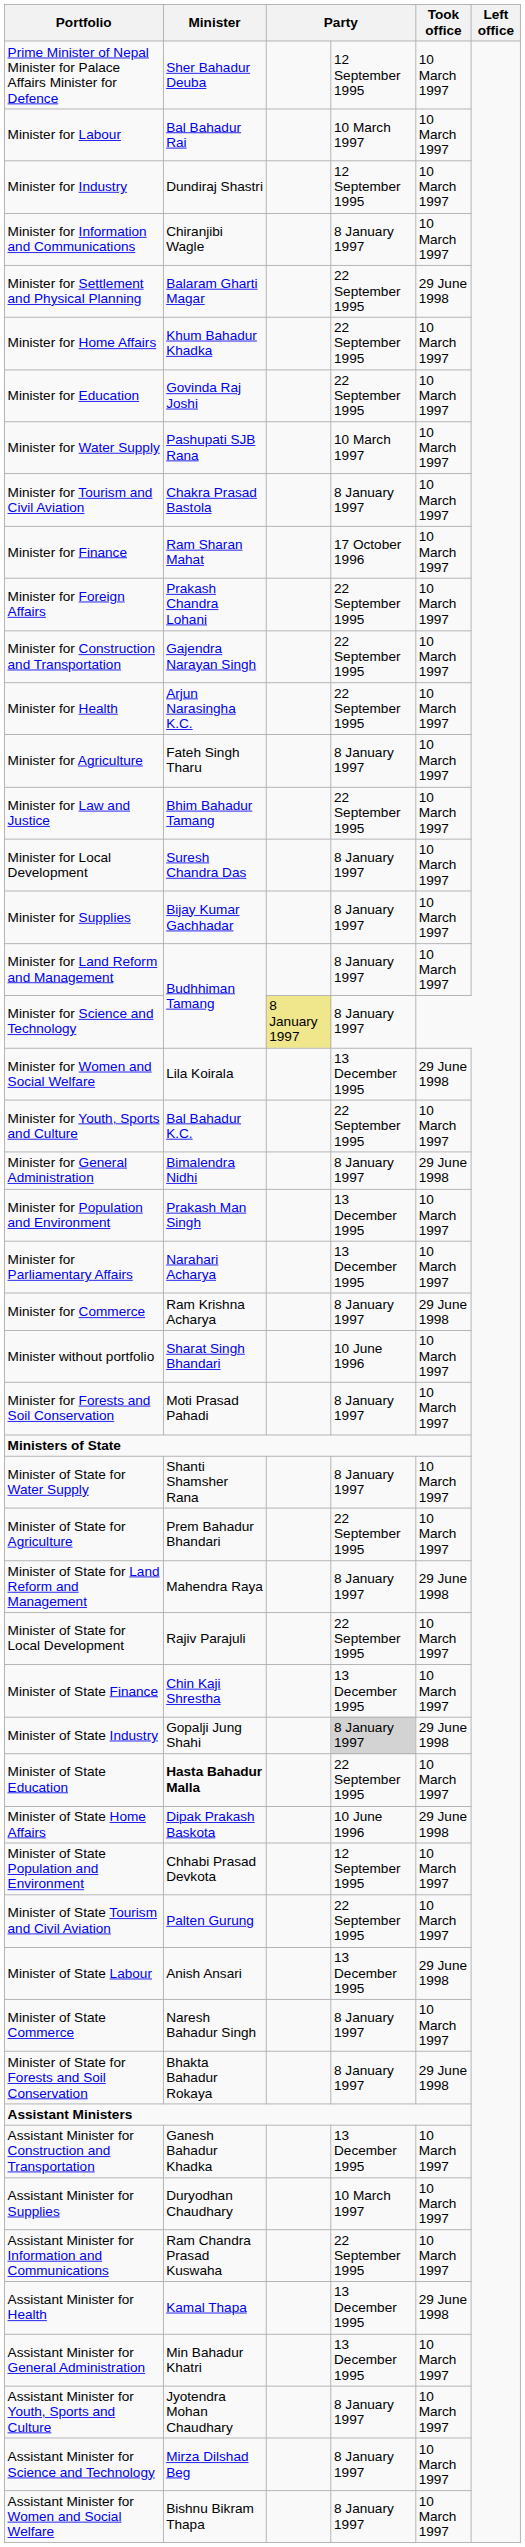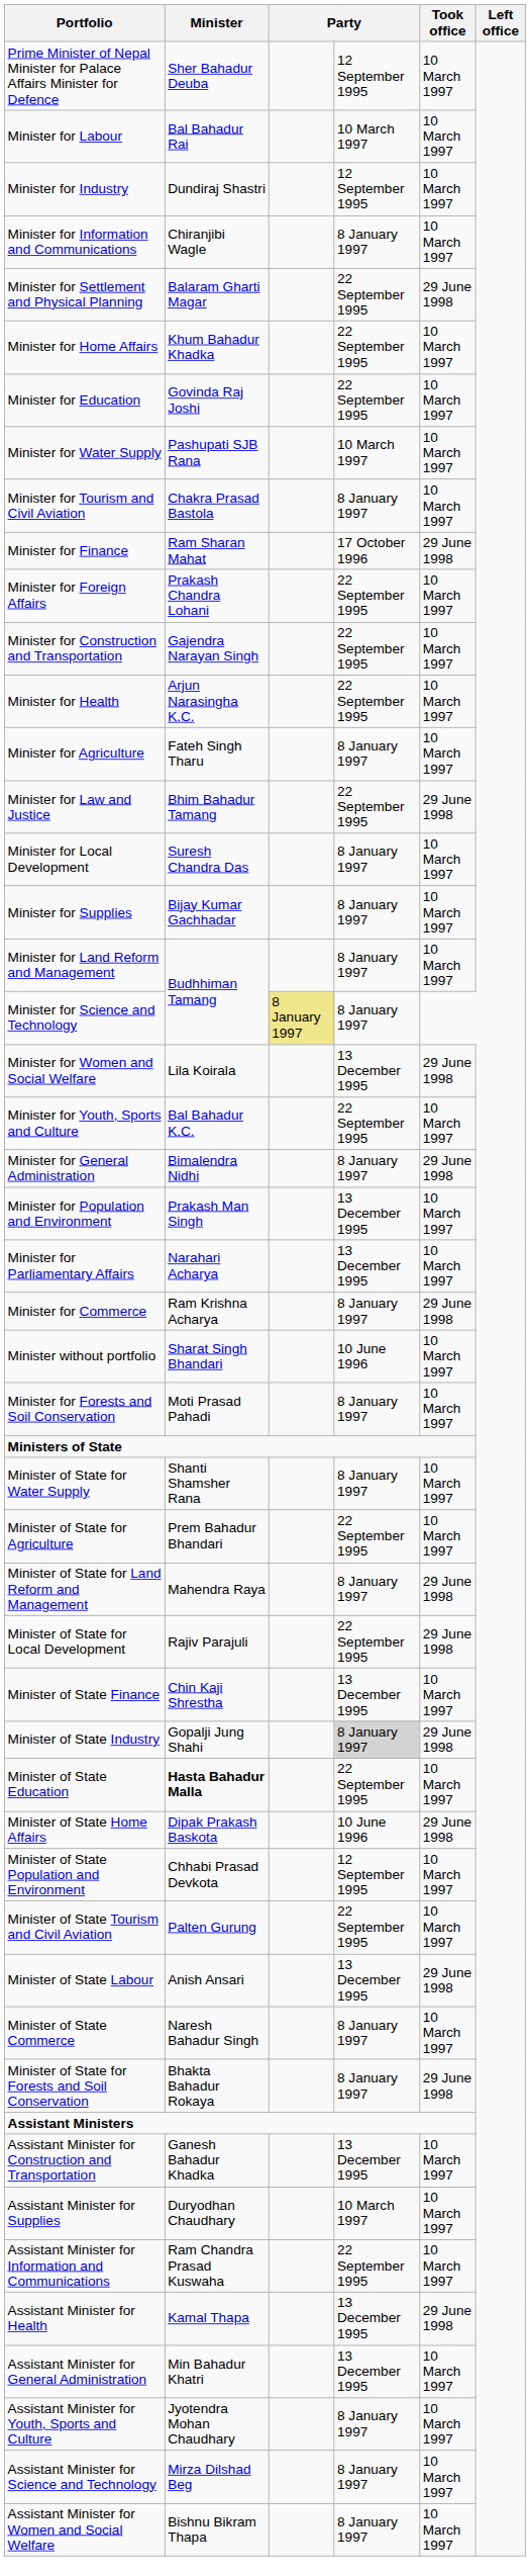 <table class="wikitable">
 <tr>
 <th>Portfolio</th>
 <th>Minister</th>
 <th colspan="2">Party</th>
 <th>Took office</th>
 <th>Left office</th>
 </tr>
 <tr>
 <td><a href='#'>Prime Minister of Nepal</a><br>Minister for Palace Affairs Minister for <a href='#'>Defence</a></td>
 <td><a href='#'>Sher Bahadur Deuba</a></td>
 <td></td>
 <td>12 September 1995</td>
 <td>10 March 1997</td>
 </tr>
 <tr>
 <td>Minister for <a href='#'>Labour</a></td>
 <td><a href='#'>Bal Bahadur Rai</a></td>
 <td></td>
 <td>10 March 1997</td>
 <td>10 March 1997</td>
 </tr>
 <tr>
 <td>Minister for <a href='#'>Industry</a></td>
 <td>Dundiraj Shastri</td>
 <td></td>
 <td>12 September 1995</td>
 <td>10 March 1997</td>
 </tr>
 <tr>
 <td>Minister for <a href='#'>Information and Communications</a></td>
 <td>Chiranjibi Wagle</td>
 <td></td>
 <td>8 January 1997</td>
 <td>10 March 1997</td>
 </tr>
 <tr>
 <td>Minister for <a href='#'>Settlement and Physical Planning</a></td>
 <td><a href='#'>Balaram Gharti Magar</a></td>
 <td></td>
 <td>22 September 1995</td>
 <td>29 June 1998</td>
 </tr>
 <tr>
 <td>Minister for <a href='#'>Home Affairs</a></td>
 <td><a href='#'>Khum Bahadur Khadka</a></td>
 <td></td>
 <td>22 September 1995</td>
 <td>10 March 1997</td>
 </tr>
 <tr>
 <td>Minister for <a href='#'>Education</a></td>
 <td><a href='#'>Govinda Raj Joshi</a></td>
 <td></td>
 <td>22 September 1995</td>
 <td>10 March 1997</td>
 </tr>
 <tr>
 <td>Minister for <a href='#'>Water Supply</a></td>
 <td><a href='#'>Pashupati SJB Rana</a></td>
 <td></td>
 <td>10 March 1997</td>
 <td>10 March 1997</td>
 </tr>
 <tr>
 <td>Minister for <a href='#'>Tourism and Civil Aviation</a></td>
 <td><a href='#'>Chakra Prasad Bastola</a></td>
 <td></td>
 <td>8 January 1997</td>
 <td>10 March 1997</td>
 </tr>
 <tr>
 <td>Minister for <a href='#'>Finance</a></td>
 <td><a href='#'>Ram Sharan Mahat</a></td>
 <td></td>
 <td>17 October 1996</td>
-<td>10 March 1997</td>
+<td>29 June 1998</td>
 </tr>
 <tr>
 <td>Minister for <a href='#'>Foreign Affairs</a></td>
 <td><a href='#'>Prakash Chandra Lohani</a></td>
 <td></td>
 <td>22 September 1995</td>
 <td>10 March 1997</td>
 </tr>
 <tr>
 <td>Minister for <a href='#'>Construction and Transportation</a></td>
 <td><a href='#'>Gajendra Narayan Singh</a></td>
 <td></td>
 <td>22 September 1995</td>
 <td>10 March 1997</td>
 </tr>
 <tr>
 <td>Minister for <a href='#'>Health</a></td>
 <td><a href='#'>Arjun Narasingha K.C.</a></td>
 <td></td>
 <td>22 September 1995</td>
 <td>10 March 1997</td>
 </tr>
 <tr>
 <td>Minister for <a href='#'>Agriculture</a></td>
 <td>Fateh Singh Tharu</td>
 <td></td>
 <td>8 January 1997</td>
 <td>10 March 1997</td>
 </tr>
 <tr>
 <td>Minister for <a href='#'>Law and Justice</a></td>
 <td><a href='#'>Bhim Bahadur Tamang</a></td>
 <td></td>
 <td>22 September 1995</td>
-<td>10 March 1997</td>
+<td>29 June 1998</td>
 </tr>
 <tr>
 <td>Minister for Local Development</td>
 <td><a href='#'>Suresh Chandra Das</a></td>
 <td></td>
 <td>8 January 1997</td>
 <td>10 March 1997</td>
 </tr>
 <tr>
 <td>Minister for <a href='#'>Supplies</a></td>
 <td><a href='#'>Bijay Kumar Gachhadar</a></td>
 <td></td>
 <td>8 January 1997</td>
 <td>10 March 1997</td>
 </tr>
 <tr>
 <td>Minister for <a href='#'>Land Reform and Management</a></td>
 <td rowspan="2"><a href='#'>Budhhiman Tamang</a></td>
 <td></td>
 <td>8 January 1997</td>
 <td>10 March 1997</td>
 </tr>
 <tr>
 <td>Minister for <a href='#'>Science and Technology</a></td>
 <td style="background: khaki;">8 January 1997</td>
 <td>8 January 1997</td>
 </tr>
 <tr>
 <td>Minister for <a href='#'>Women and Social Welfare</a></td>
 <td>Lila Koirala</td>
 <td></td>
 <td>13 December 1995</td>
 <td>29 June 1998</td>
 </tr>
 <tr>
 <td>Minister for <a href='#'>Youth, Sports and Culture</a></td>
 <td><a href='#'>Bal Bahadur K.C.</a></td>
 <td></td>
 <td>22 September 1995</td>
 <td>10 March 1997</td>
 </tr>
 <tr>
 <td>Minister for <a href='#'>General Administration</a></td>
 <td><a href='#'>Bimalendra Nidhi</a></td>
 <td></td>
 <td>8 January 1997</td>
 <td>29 June 1998</td>
 </tr>
 <tr>
 <td>Minister for <a href='#'>Population and Environment</a></td>
 <td><a href='#'>Prakash Man Singh</a></td>
 <td></td>
 <td>13 December 1995</td>
 <td>10 March 1997</td>
 </tr>
 <tr>
 <td>Minister for <a href='#'>Parliamentary Affairs</a></td>
 <td><a href='#'>Narahari Acharya</a></td>
 <td></td>
 <td>13 December 1995</td>
 <td>10 March 1997</td>
 </tr>
 <tr>
 <td>Minister for <a href='#'>Commerce</a></td>
 <td>Ram Krishna Acharya</td>
 <td></td>
 <td>8 January 1997</td>
 <td>29 June 1998</td>
 </tr>
 <tr>
 <td>Minister without portfolio</td>
 <td><a href='#'>Sharat Singh Bhandari</a></td>
 <td></td>
 <td>10 June 1996</td>
 <td>10 March 1997</td>
 </tr>
 <tr>
 <td>Minister for <a href='#'>Forests and Soil Conservation</a></td>
 <td>Moti Prasad Pahadi</td>
 <td></td>
 <td>8 January 1997</td>
 <td>10 March 1997</td>
 </tr>
 <tr>
 <td colspan="5"><strong>Ministers of State</strong></td>
 </tr>
 <tr>
 <td>Minister of State for <a href='#'>Water Supply</a></td>
 <td>Shanti Shamsher Rana</td>
 <td></td>
 <td>8 January 1997</td>
 <td>10 March 1997</td>
 </tr>
 <tr>
 <td>Minister of State for <a href='#'>Agriculture</a></td>
 <td>Prem Bahadur Bhandari</td>
 <td></td>
 <td>22 September 1995</td>
 <td>10 March 1997</td>
 </tr>
 <tr>
 <td>Minister of State for <a href='#'>Land Reform and Management</a></td>
 <td>Mahendra Raya</td>
 <td></td>
 <td>8 January 1997</td>
 <td>29 June 1998</td>
 </tr>
 <tr>
 <td>Minister of State for Local Development</td>
 <td>Rajiv Parajuli</td>
 <td></td>
 <td>22 September 1995</td>
-<td>10 March 1997</td>
+<td>29 June 1998</td>
 </tr>
 <tr>
 <td>Minister of State <a href='#'>Finance</a></td>
 <td><a href='#'>Chin Kaji Shrestha</a></td>
 <td></td>
 <td>13 December 1995</td>
 <td>10 March 1997</td>
 </tr>
 <tr>
 <td>Minister of State <a href='#'>Industry</a></td>
 <td>Gopalji Jung Shahi</td>
 <td></td>
 <td style="background: lightgrey;">8 January 1997</td>
 <td>29 June 1998</td>
 </tr>
 <tr>
 <td>Minister of State <a href='#'>Education</a></td>
 <td><strong>Hasta Bahadur Malla</strong></td>
 <td></td>
 <td>22 September 1995</td>
 <td>10 March 1997</td>
 </tr>
 <tr>
 <td>Minister of State <a href='#'>Home Affairs</a></td>
 <td><a href='#'>Dipak Prakash Baskota</a></td>
 <td></td>
 <td>10 June 1996</td>
 <td>29 June 1998</td>
 </tr>
 <tr>
 <td>Minister of State <a href='#'>Population and Environment</a></td>
 <td>Chhabi Prasad Devkota</td>
 <td></td>
 <td>12 September 1995</td>
 <td>10 March 1997</td>
 </tr>
 <tr>
 <td>Minister of State <a href='#'>Tourism and Civil Aviation</a></td>
 <td><a href='#'>Palten Gurung</a></td>
 <td></td>
 <td>22 September 1995</td>
 <td>10 March 1997</td>
 </tr>
 <tr>
 <td>Minister of State  <a href='#'>Labour</a></td>
 <td>Anish Ansari</td>
 <td></td>
 <td>13 December 1995</td>
 <td>29 June 1998</td>
 </tr>
 <tr>
 <td>Minister of State <a href='#'>Commerce</a></td>
 <td>Naresh Bahadur Singh</td>
 <td></td>
 <td>8 January 1997</td>
 <td>10 March 1997</td>
 </tr>
 <tr>
 <td>Minister of State  for <a href='#'>Forests and Soil Conservation</a></td>
 <td>Bhakta Bahadur Rokaya</td>
 <td></td>
 <td>8 January 1997</td>
 <td>29 June 1998</td>
 </tr>
 <tr>
 <td colspan="5"><strong>Assistant Ministers</strong></td>
 </tr>
 <tr>
 <td>Assistant Minister for <a href='#'>Construction and Transportation</a></td>
 <td>Ganesh Bahadur Khadka</td>
 <td></td>
 <td>13 December 1995</td>
 <td>10 March 1997</td>
 </tr>
 <tr>
 <td>Assistant Minister for <a href='#'>Supplies</a></td>
 <td>Duryodhan Chaudhary</td>
 <td></td>
 <td>10 March 1997</td>
 <td>10 March 1997</td>
 </tr>
 <tr>
 <td>Assistant Minister for <a href='#'>Information and Communications</a></td>
 <td>Ram Chandra Prasad Kuswaha</td>
 <td></td>
 <td>22 September 1995</td>
 <td>10 March 1997</td>
 </tr>
 <tr>
 <td>Assistant Minister for <a href='#'>Health</a></td>
 <td><a href='#'>Kamal Thapa</a></td>
 <td></td>
 <td>13 December 1995</td>
 <td>29 June 1998</td>
 </tr>
 <tr>
 <td>Assistant Minister for <a href='#'>General Administration</a></td>
 <td>Min Bahadur Khatri</td>
 <td></td>
 <td>13 December 1995</td>
 <td>10 March 1997</td>
 </tr>
 <tr>
 <td>Assistant Minister for <a href='#'>Youth, Sports and Culture</a></td>
 <td>Jyotendra Mohan Chaudhary</td>
 <td></td>
 <td>8 January 1997</td>
 <td>10 March 1997</td>
 </tr>
 <tr>
 <td>Assistant Minister for <a href='#'>Science and Technology</a></td>
 <td><a href='#'>Mirza Dilshad Beg</a></td>
 <td></td>
 <td>8 January 1997</td>
 <td>10 March 1997</td>
 </tr>
 <tr>
 <td>Assistant Minister for <a href='#'>Women and Social Welfare</a></td>
 <td>Bishnu Bikram Thapa</td>
 <td></td>
 <td>8 January 1997</td>
 <td>10 March 1997</td>
 </tr>
 </table>
